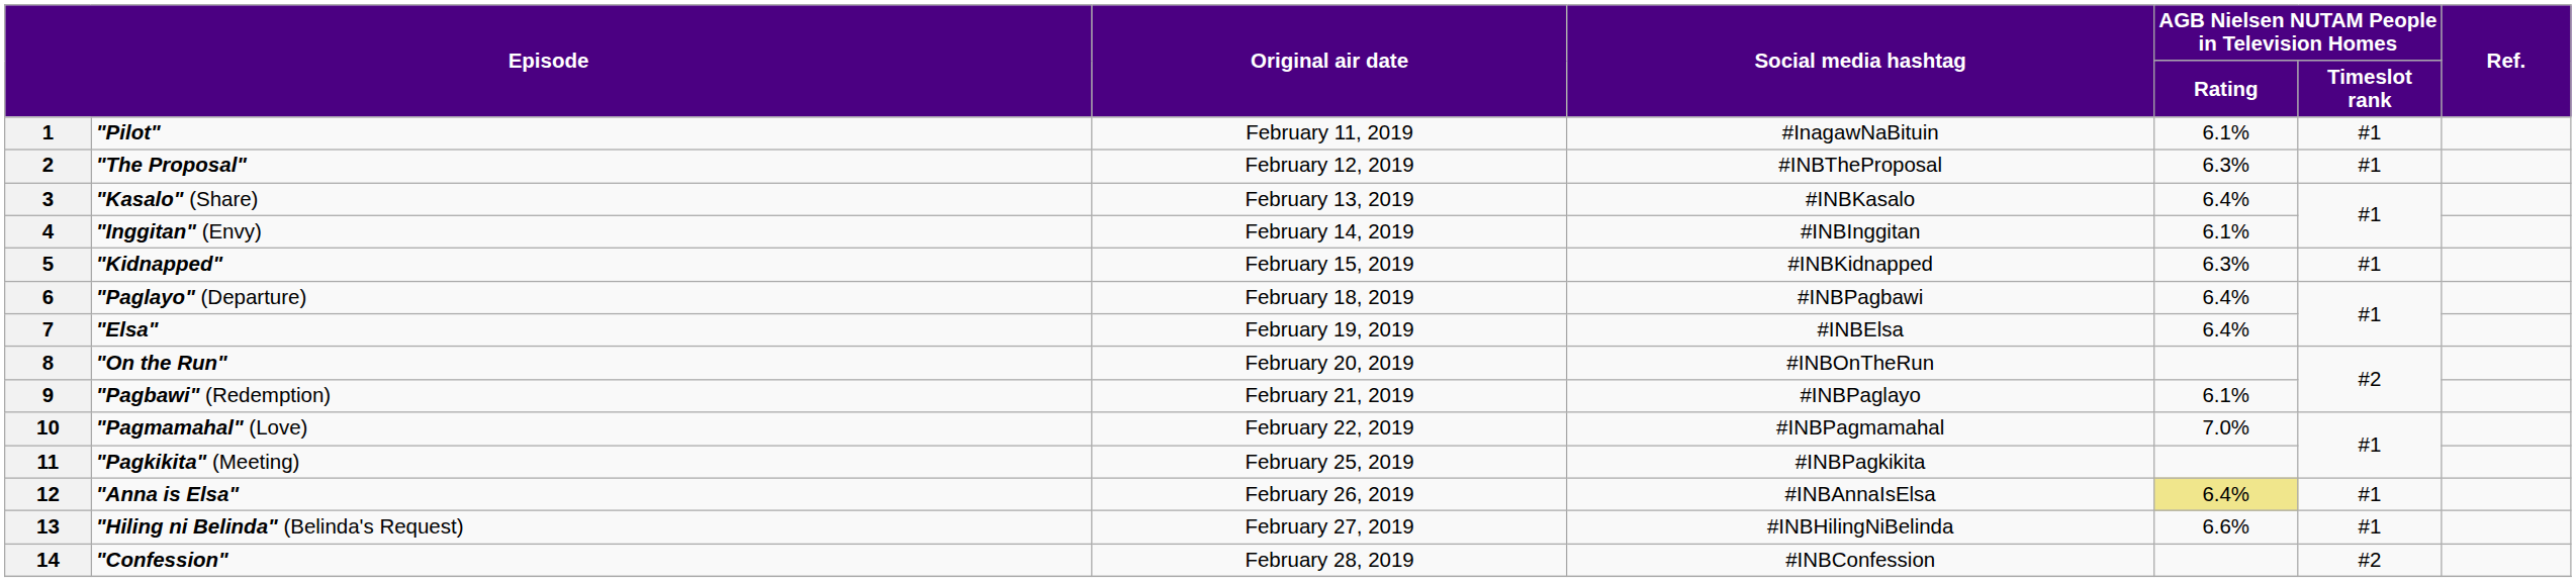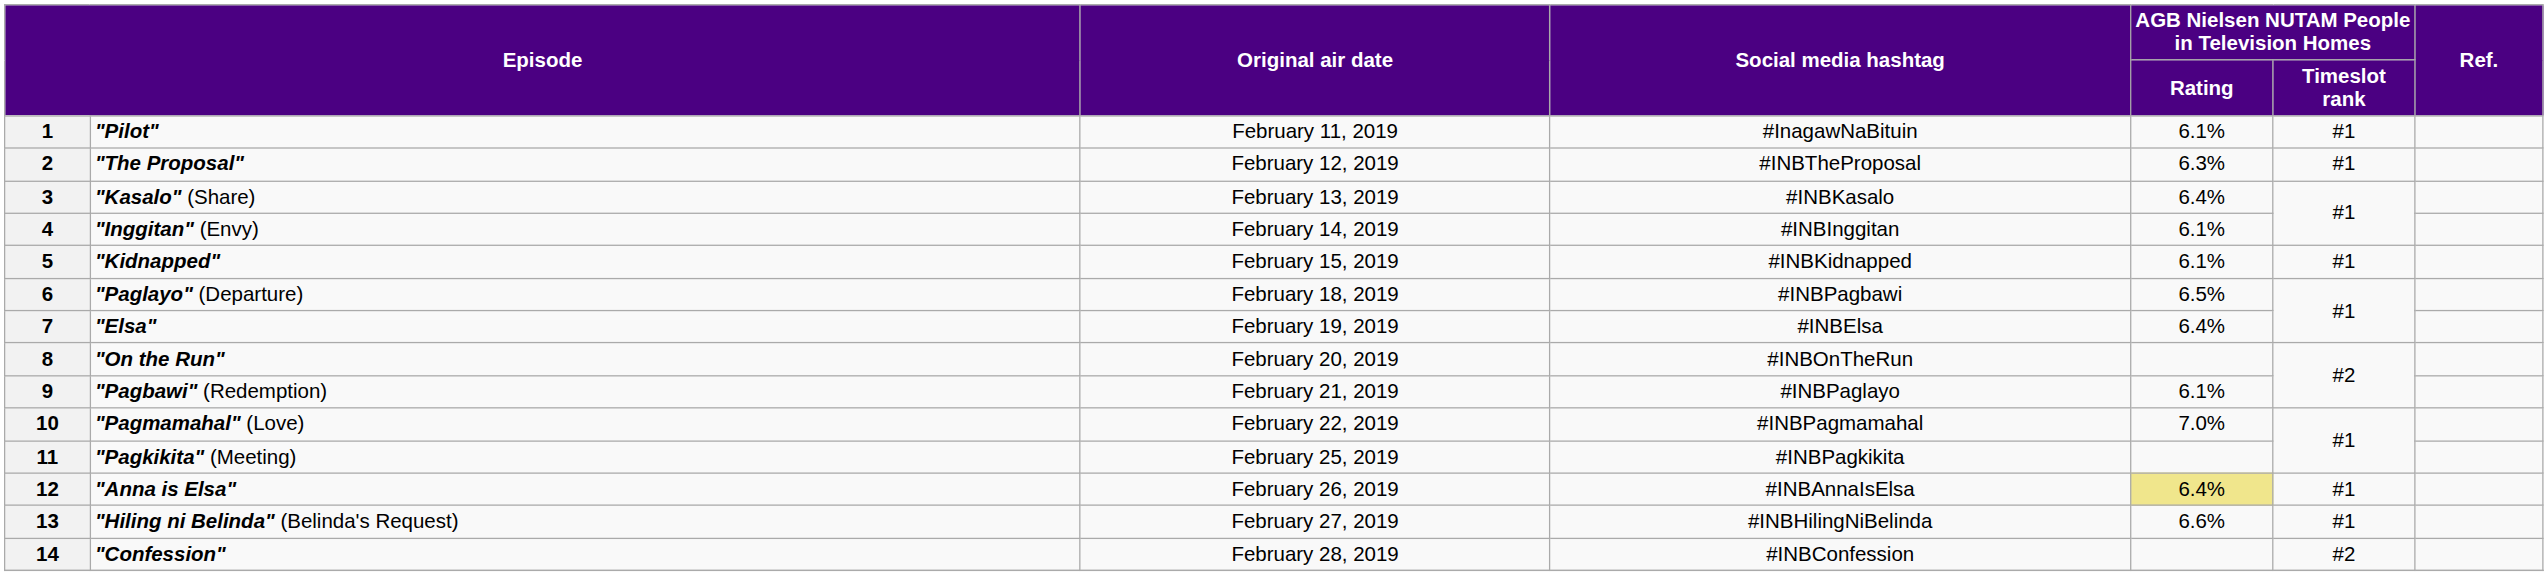 <table class="wikitable" style="text-align:center; font-size:100%; line-height:18px;" width="100%">
 <tr>
 <th style="background-color:#4B0082; color:#ffffff;" colspan="2" rowspan="2">Episode</th>
 <th style="background-color:#4B0082; color:white" rowspan="2">Original air date</th>
 <th style="background-color:#4B0082; color:white" rowspan="2">Social media hashtag</th>
 <th style="background-color:#4B0082; color:#ffffff;" colspan="2">AGB Nielsen NUTAM People in Television Homes</th>
 <th style="background-color:#4B0082;  color:#ffffff;" rowspan="2">Ref.</th>
 </tr>
 <tr>
 <th style="background-color:#4B0082; width:75px; color:#ffffff;">Rating</th>
 <th style="background-color:#4B0082;  width:75px; color:#ffffff;">Timeslot<br>rank</th>
 </tr>
 <tr>
 <th>1</th>
 <td style="text-align: left;"><strong><em>"Pilot"</em></strong></td>
 <td>February 11, 2019</td>
 <td>#InagawNaBituin</td>
 <td>6.1%</td>
 <td>#1</td>
 <td></td>
 </tr>
 <tr>
 <th>2</th>
 <td style="text-align: left;"><strong><em>"The Proposal"</em></strong></td>
 <td>February 12, 2019</td>
 <td>#INBTheProposal</td>
 <td>6.3%</td>
 <td>#1</td>
 <td></td>
 </tr>
 <tr>
 <th>3</th>
 <td style="text-align: left;"><strong><em>"Kasalo"</em></strong> (Share)</td>
 <td>February 13, 2019</td>
 <td>#INBKasalo</td>
 <td>6.4%</td>
 <td rowspan="2">#1</td>
 <td></td>
 </tr>
 <tr>
 <th>4</th>
 <td style="text-align: left;"><strong><em>"Inggitan"</em></strong> (Envy)</td>
 <td>February 14, 2019</td>
 <td>#INBInggitan</td>
 <td>6.1%</td>
 <td></td>
 </tr>
 <tr>
 <th>5</th>
 <td style="text-align: left;"><strong><em>"Kidnapped"</em></strong></td>
 <td>February 15, 2019</td>
 <td>#INBKidnapped</td>
-<td>6.3%</td>
+<td>6.1%</td>
 <td>#1</td>
 <td></td>
 </tr>
 <tr>
 <th>6</th>
 <td style="text-align: left;"><strong><em>"Paglayo"</em></strong> (Departure)</td>
 <td>February 18, 2019</td>
 <td>#INBPagbawi</td>
-<td>6.4%</td>
+<td>6.5%</td>
 <td rowspan="2">#1</td>
 <td></td>
 </tr>
 <tr>
 <th>7</th>
 <td style="text-align: left;"><strong><em>"Elsa"</em></strong></td>
 <td>February 19, 2019</td>
 <td>#INBElsa</td>
 <td>6.4%</td>
 <td></td>
 </tr>
 <tr>
 <th>8</th>
 <td style="text-align: left;"><strong><em>"On the Run"</em></strong></td>
 <td>February 20, 2019</td>
 <td>#INBOnTheRun</td>
 <td></td>
 <td rowspan="2">#2</td>
 <td></td>
 </tr>
 <tr>
 <th>9</th>
 <td style="text-align: left;"><strong><em>"Pagbawi"</em></strong> (Redemption)</td>
 <td>February 21, 2019</td>
 <td>#INBPaglayo</td>
 <td>6.1%</td>
 <td></td>
 </tr>
 <tr>
 <th>10</th>
 <td style="text-align: left;"><strong><em>"Pagmamahal"</em></strong> (Love)</td>
 <td>February 22, 2019</td>
 <td>#INBPagmamahal</td>
 <td>7.0%</td>
 <td rowspan="2">#1</td>
 <td></td>
 </tr>
 <tr>
 <th>11</th>
 <td style="text-align: left;"><strong><em>"Pagkikita"</em></strong> (Meeting)</td>
 <td>February 25, 2019</td>
 <td>#INBPagkikita</td>
 <td></td>
 <td></td>
 </tr>
 <tr>
 <th>12</th>
 <td style="text-align: left;"><strong><em>"Anna is Elsa"</em></strong></td>
 <td>February 26, 2019</td>
 <td>#INBAnnaIsElsa</td>
 <td style="background: khaki;">6.4%</td>
 <td>#1</td>
 <td></td>
 </tr>
 <tr>
 <th>13</th>
 <td style="text-align: left;"><strong><em>"Hiling ni Belinda"</em></strong> (Belinda's Request)</td>
 <td>February 27, 2019</td>
 <td>#INBHilingNiBelinda</td>
 <td>6.6%</td>
 <td>#1</td>
 <td></td>
 </tr>
 <tr>
 <th>14</th>
 <td style="text-align: left;"><strong><em>"Confession"</em></strong></td>
 <td>February 28, 2019</td>
 <td>#INBConfession</td>
 <td></td>
 <td>#2</td>
 <td></td>
 </tr>
 <tr>
 </tr>
 </table>
